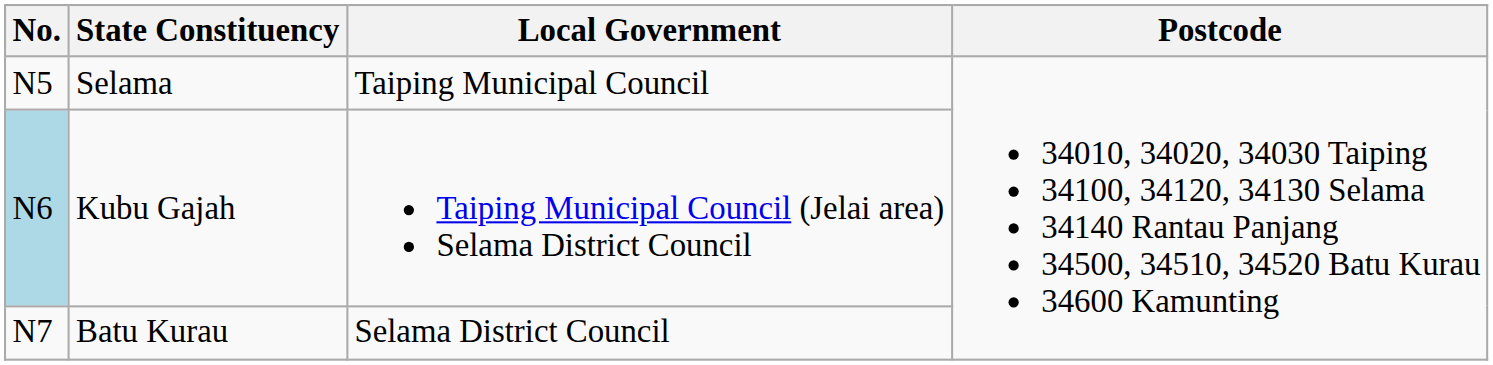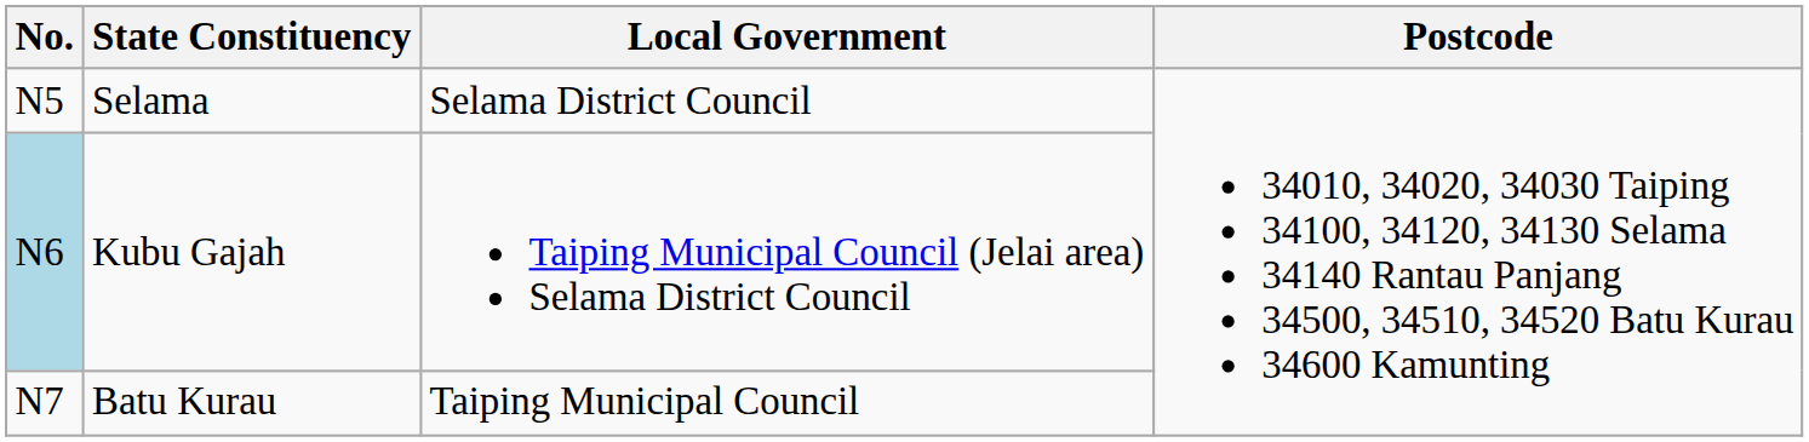 <table class="wikitable">
 <tr>
 <th>No.</th>
 <th>State Constituency</th>
 <th>Local Government</th>
 <th>Postcode</th>
 </tr>
 <tr>
 <td>N5</td>
 <td>Selama</td>
-<td>Taiping Municipal Council</td>
+<td>Selama District Council</td>
 <td rowspan="3"><br><ul><li>34010, 34020, 34030 Taiping</li><li>34100, 34120, 34130 Selama</li><li>34140 Rantau Panjang</li><li>34500, 34510, 34520 Batu Kurau</li><li>34600 Kamunting</li></ul></td>
 </tr>
 <tr>
 <td style="background: lightblue;">N6</td>
 <td>Kubu Gajah</td>
 <td><br><ul><li><a href='#'>Taiping Municipal Council</a> (Jelai area)</li><li>Selama District Council</li></ul></td>
 </tr>
 <tr>
 <td>N7</td>
 <td>Batu Kurau</td>
-<td>Selama District Council</td>
+<td>Taiping Municipal Council</td>
 </tr>
 </table>
